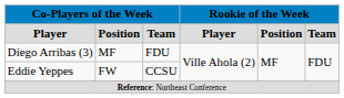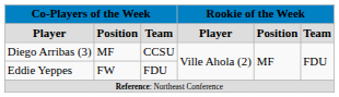 <table class="wikitable">
 <tr>
 <th colspan="3" style="background:#0081C4;"><span>Co-Players of the Week</span></th>
 <th colspan="3" style="background:#0081C4;"><span>Rookie of the Week</span></th>
 </tr>
 <tr>
 <th style="background:#ddd;">Player</th>
 <th style="background:#ddd;">Position</th>
 <th style="background:#ddd;">Team</th>
 <th style="background:#ddd;">Player</th>
 <th style="background:#ddd;">Position</th>
 <th style="background:#ddd;">Team</th>
 </tr>
 <tr>
 <td>Diego Arribas (3)</td>
 <td>MF</td>
-<td>FDU</td>
+<td>CCSU</td>
 <td rowspan=2>Ville Ahola (2)</td>
 <td rowspan=2>MF</td>
 <td rowspan=2;>FDU</td>
 </tr>
 <tr>
 <td>Eddie Yeppes</td>
 <td>FW</td>
-<td>CCSU</td>
+<td>FDU</td>
 </tr>
 <tr>
 <td colspan="12"  style="font-size:8pt; text-align:center; background:#ddd;"><strong>Reference</strong>: Northeast Conference</td>
 </tr>
 </table>
